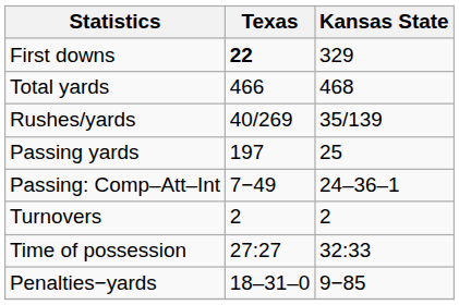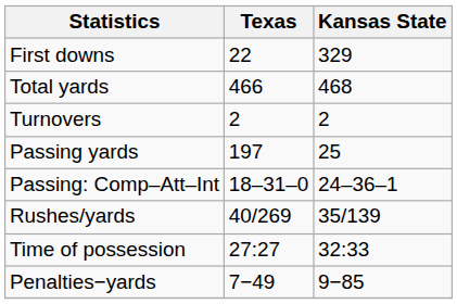 <table class="wikitable" style="float: left;">
 <tr>
 <th>Statistics</th>
 <th>Texas</th>
 <th>Kansas State</th>
 </tr>
 <tr>
 <td>First downs</td>
-<td><strong>22</strong></td>
+<td>22</td>
 <td>329</td>
 </tr>
 <tr>
 <td>Total yards</td>
 <td>466</td>
 <td>468</td>
 </tr>
 <tr>
-<td>Rushes/yards</td>
-<td>40/269</td>
-<td>35/139</td>
+<td>Turnovers</td>
+<td>2</td>
+<td>2</td>
 </tr>
 <tr>
 <td>Passing yards</td>
 <td>197</td>
 <td>25</td>
 </tr>
 <tr>
 <td>Passing: Comp–Att–Int</td>
-<td>7−49</td>
+<td>18–31–0</td>
 <td>24–36–1</td>
 </tr>
 <tr>
-<td>Turnovers</td>
-<td>2</td>
-<td>2</td>
+<td>Rushes/yards</td>
+<td>40/269</td>
+<td>35/139</td>
 </tr>
 <tr>
 <td>Time of possession</td>
 <td>27:27</td>
 <td>32:33</td>
 </tr>
 <tr>
 <td>Penalties−yards</td>
-<td>18–31–0</td>
+<td>7−49</td>
 <td>9−85</td>
 </tr>
 <tr>
 </tr>
 </table>
